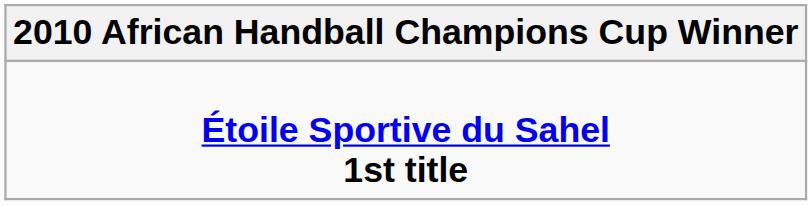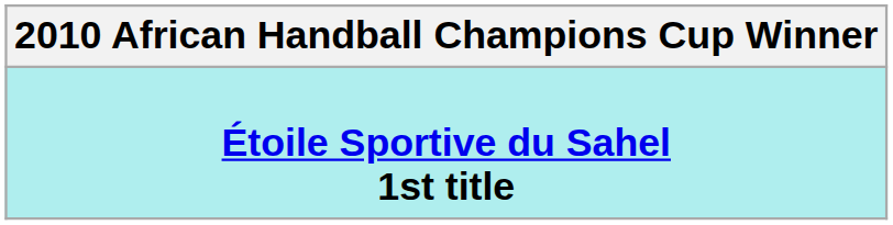 <table class=wikitable style="text-align:center; margin:auto">
 <tr>
 <th>2010 African Handball Champions Cup Winner</th>
 </tr>
 <tr>
-<td><br><strong><a href='#'>Étoile Sportive du Sahel</a></strong><br><strong>1st title</strong></td>
+<td style="background: paleturquoise;"><br><strong><a href='#'>Étoile Sportive du Sahel</a></strong><br><strong>1st title</strong></td>
 </tr>
 </table>
